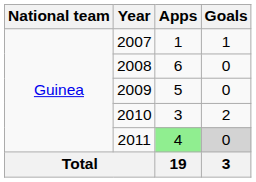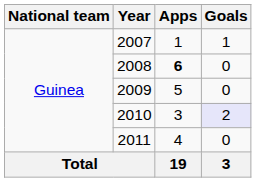 <table class="wikitable" style="text-align:center">
 <tr>
 <th>National team</th>
 <th>Year</th>
 <th>Apps</th>
 <th>Goals</th>
 </tr>
 <tr>
 <td rowspan="5"><a href='#'>Guinea</a></td>
 <td>2007</td>
 <td>1</td>
 <td>1</td>
 </tr>
 <tr>
 <td>2008</td>
-<td>6</td>
+<td><strong>6</strong></td>
 <td>0</td>
 </tr>
 <tr>
 <td>2009</td>
 <td>5</td>
 <td>0</td>
 </tr>
 <tr>
 <td>2010</td>
 <td>3</td>
-<td>2</td>
+<td style="background: lavender;">2</td>
 </tr>
 <tr>
 <td>2011</td>
-<td style="background: lightgreen;">4</td>
-<td style="background: lightgrey;">0</td>
+<td>4</td>
+<td>0</td>
 </tr>
 <tr>
 <th colspan="2">Total</th>
 <th>19</th>
 <th>3</th>
 </tr>
 </table>
